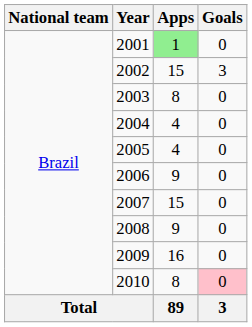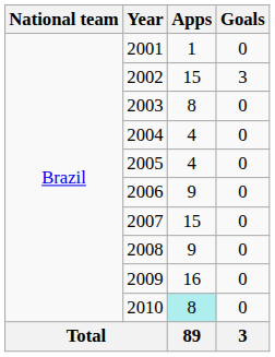 <table class="wikitable" style="text-align:center">
 <tr>
 <th>National team</th>
 <th>Year</th>
 <th>Apps</th>
 <th>Goals</th>
 </tr>
 <tr>
 <td rowspan="10"><a href='#'>Brazil</a></td>
 <td>2001</td>
-<td style="background: lightgreen;">1</td>
+<td>1</td>
 <td>0</td>
 </tr>
 <tr>
 <td>2002</td>
 <td>15</td>
 <td>3</td>
 </tr>
 <tr>
 <td>2003</td>
 <td>8</td>
 <td>0</td>
 </tr>
 <tr>
 <td>2004</td>
 <td>4</td>
 <td>0</td>
 </tr>
 <tr>
 <td>2005</td>
 <td>4</td>
 <td>0</td>
 </tr>
 <tr>
 <td>2006</td>
 <td>9</td>
 <td>0</td>
 </tr>
 <tr>
 <td>2007</td>
 <td>15</td>
 <td>0</td>
 </tr>
 <tr>
 <td>2008</td>
 <td>9</td>
 <td>0</td>
 </tr>
 <tr>
 <td>2009</td>
 <td>16</td>
 <td>0</td>
 </tr>
 <tr>
 <td>2010</td>
-<td>8</td>
-<td style="background: pink;">0</td>
+<td style="background: paleturquoise;">8</td>
+<td>0</td>
 </tr>
 <tr>
 <th colspan="2">Total</th>
 <th>89</th>
 <th>3</th>
 </tr>
 </table>
